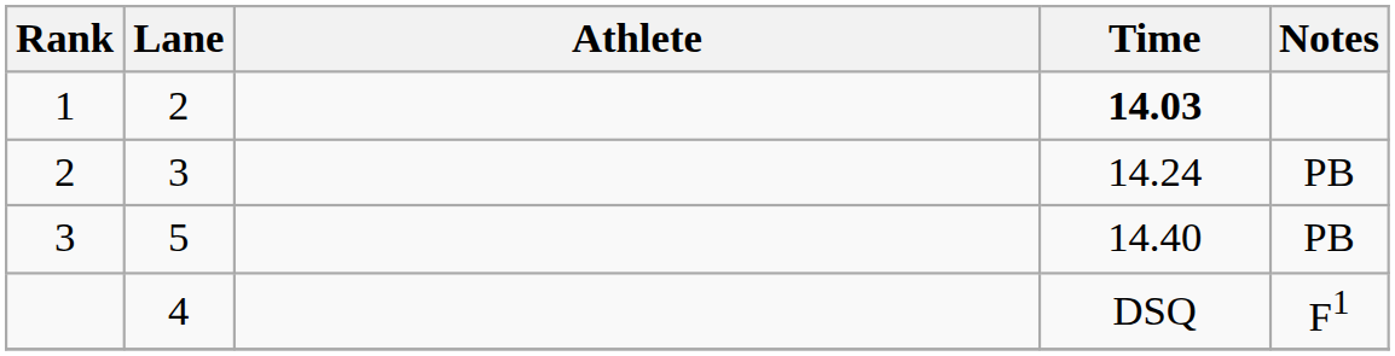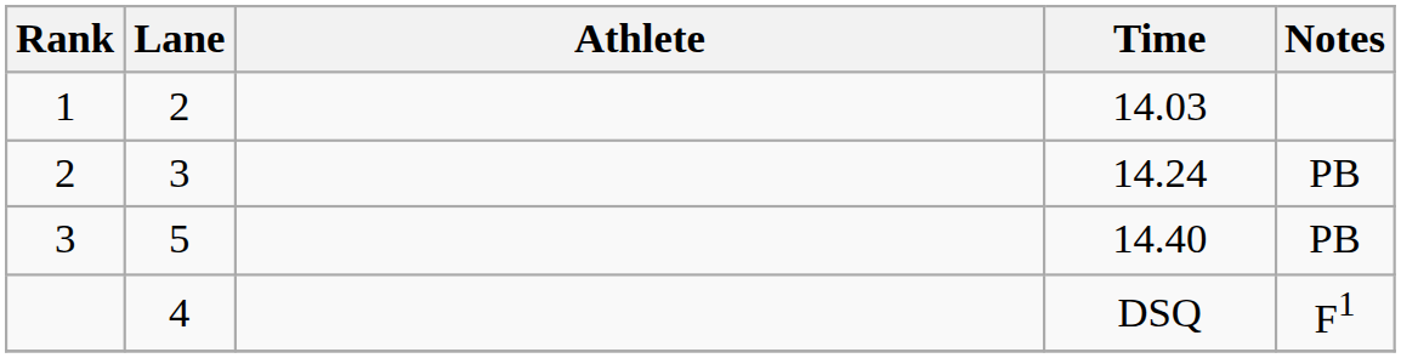 <table class="wikitable" style="text-align:center">
 <tr>
 <th>Rank</th>
 <th>Lane</th>
 <th width=300>Athlete</th>
 <th width=80>Time</th>
 <th>Notes</th>
 </tr>
 <tr>
 <td>1</td>
 <td>2</td>
 <td align=left></td>
-<td><strong>14.03</strong></td>
+<td>14.03</td>
 <td></td>
 </tr>
 <tr>
 <td>2</td>
 <td>3</td>
 <td align=left></td>
 <td>14.24</td>
 <td>PB</td>
 </tr>
 <tr>
 <td>3</td>
 <td>5</td>
 <td align=left></td>
 <td>14.40</td>
 <td>PB</td>
 </tr>
 <tr>
 <td></td>
 <td>4</td>
 <td align=left></td>
 <td>DSQ</td>
 <td>F<sup>1</sup></td>
 </tr>
 <tr>
 </tr>
 </table>
